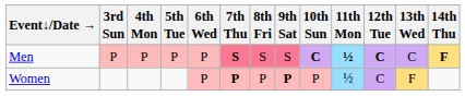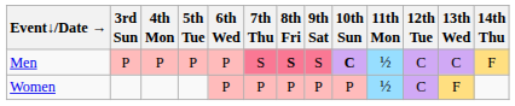 <table class="wikitable" style="margin:0.5em auto; font-size:90%; line-height:1.25em; text-align:center">
 <tr>
 <th>Event↓/Date →</th>
 <th>3rd<br>Sun</th>
 <th>4th<br>Mon</th>
 <th>5th<br>Tue</th>
 <th>6th<br>Wed</th>
 <th>7th<br>Thu</th>
 <th>8th<br>Fri</th>
 <th>9th<br>Sat</th>
 <th>10th<br>Sun</th>
 <th>11th<br>Mon</th>
 <th>12th<br>Tue</th>
 <th>13th<br>Wed</th>
 <th>14th<br>Thu</th>
 </tr>
 <tr>
 <td style="text-align:left;"><a href='#'>Men</a></td>
 <td bgcolor="#FFBBBB">P</td>
 <td bgcolor="#FFBBBB">P</td>
 <td bgcolor="#FFBBBB">P</td>
 <td bgcolor="#FFBBBB">P</td>
+<td bgcolor="#FA7894">S</td>
 <td bgcolor="#FA7894"><strong>S</strong></td>
 <td bgcolor="#FA7894">S</td>
-<td bgcolor="#FA7894">S</td>
 <td bgcolor="#D0A9F5"><strong>C</strong></td>
-<td bgcolor="#97DEFF"><strong>½</strong></td>
-<td bgcolor="#D0A9F5"><strong>C</strong></td>
+<td bgcolor="#97DEFF">½</td>
 <td bgcolor="#D0A9F5">C</td>
-<td bgcolor="#FFDF80"><strong>F</strong></td>
+<td bgcolor="#D0A9F5">C</td>
+<td bgcolor="#FFDF80">F</td>
 </tr>
 <tr>
 <td style="text-align:left;"><a href='#'>Women</a></td>
 <td></td>
 <td></td>
 <td></td>
 <td bgcolor="#FFBBBB">P</td>
-<td bgcolor="#FFBBBB"><strong>P</strong></td>
 <td bgcolor="#FFBBBB">P</td>
-<td bgcolor="#FFBBBB"><strong>P</strong></td>
+<td bgcolor="#FFBBBB">P</td>
+<td bgcolor="#FFBBBB">P</td>
 <td bgcolor="#FFBBBB">P</td>
 <td bgcolor="#97DEFF">½</td>
 <td bgcolor="#D0A9F5">C</td>
 <td bgcolor="#FFDF80">F</td>
 </tr>
 </table>
